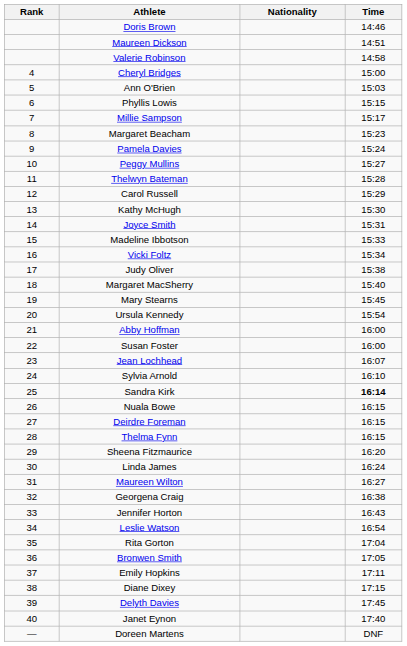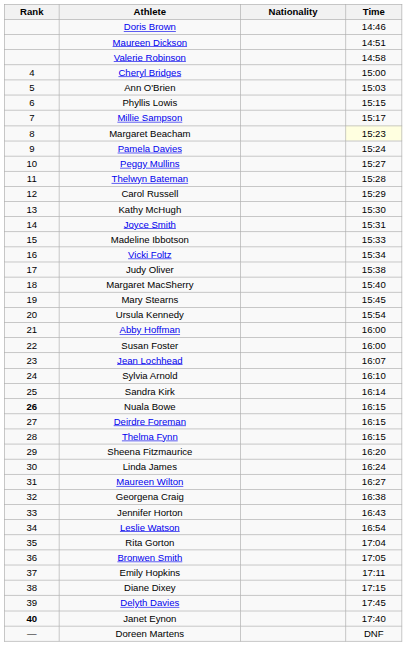 <table class="wikitable sortable" style=" text-align:center; font-size:95%;" width="50%">
 <tr>
 <th>Rank</th>
 <th>Athlete</th>
 <th>Nationality</th>
 <th>Time</th>
 </tr>
 <tr>
 <td align=center></td>
 <td><a href='#'>Doris Brown</a></td>
 <td></td>
 <td>14:46</td>
 </tr>
 <tr>
 <td align=center></td>
 <td><a href='#'>Maureen Dickson</a></td>
 <td></td>
 <td>14:51</td>
 </tr>
 <tr>
 <td align=center></td>
 <td><a href='#'>Valerie Robinson</a></td>
 <td></td>
 <td>14:58</td>
 </tr>
 <tr>
 <td align=center>4</td>
 <td><a href='#'>Cheryl Bridges</a></td>
 <td></td>
 <td>15:00</td>
 </tr>
 <tr>
 <td align=center>5</td>
 <td>Ann O'Brien</td>
 <td></td>
 <td>15:03</td>
 </tr>
 <tr>
 <td align=center>6</td>
 <td>Phyllis Lowis</td>
 <td></td>
 <td>15:15</td>
 </tr>
 <tr>
 <td align=center>7</td>
 <td><a href='#'>Millie Sampson</a></td>
 <td></td>
 <td>15:17</td>
 </tr>
 <tr>
 <td align=center>8</td>
 <td>Margaret Beacham</td>
 <td></td>
-<td>15:23</td>
+<td style="background: lightyellow;">15:23</td>
 </tr>
 <tr>
 <td align=center>9</td>
 <td><a href='#'>Pamela Davies</a></td>
 <td></td>
 <td>15:24</td>
 </tr>
 <tr>
 <td align=center>10</td>
 <td><a href='#'>Peggy Mullins</a></td>
 <td></td>
 <td>15:27</td>
 </tr>
 <tr>
 <td align=center>11</td>
 <td><a href='#'>Thelwyn Bateman</a></td>
 <td></td>
 <td>15:28</td>
 </tr>
 <tr>
 <td align=center>12</td>
 <td>Carol Russell</td>
 <td></td>
 <td>15:29</td>
 </tr>
 <tr>
 <td align=center>13</td>
 <td>Kathy McHugh</td>
 <td></td>
 <td>15:30</td>
 </tr>
 <tr>
 <td align=center>14</td>
 <td><a href='#'>Joyce Smith</a></td>
 <td></td>
 <td>15:31</td>
 </tr>
 <tr>
 <td align=center>15</td>
 <td>Madeline Ibbotson</td>
 <td></td>
 <td>15:33</td>
 </tr>
 <tr>
 <td align=center>16</td>
 <td><a href='#'>Vicki Foltz</a></td>
 <td></td>
 <td>15:34</td>
 </tr>
 <tr>
 <td align=center>17</td>
 <td>Judy Oliver</td>
 <td></td>
 <td>15:38</td>
 </tr>
 <tr>
 <td align=center>18</td>
 <td>Margaret MacSherry</td>
 <td></td>
 <td>15:40</td>
 </tr>
 <tr>
 <td align=center>19</td>
 <td>Mary Stearns</td>
 <td></td>
 <td>15:45</td>
 </tr>
 <tr>
 <td align=center>20</td>
 <td>Ursula Kennedy</td>
 <td></td>
 <td>15:54</td>
 </tr>
 <tr>
 <td align=center>21</td>
 <td><a href='#'>Abby Hoffman</a></td>
 <td></td>
 <td>16:00</td>
 </tr>
 <tr>
 <td align=center>22</td>
 <td>Susan Foster</td>
 <td></td>
 <td>16:00</td>
 </tr>
 <tr>
 <td align=center>23</td>
 <td><a href='#'>Jean Lochhead</a></td>
 <td></td>
 <td>16:07</td>
 </tr>
 <tr>
 <td align=center>24</td>
 <td>Sylvia Arnold</td>
 <td></td>
 <td>16:10</td>
 </tr>
 <tr>
 <td align=center>25</td>
 <td>Sandra Kirk</td>
 <td></td>
-<td><strong>16:14</strong></td>
+<td>16:14</td>
 </tr>
 <tr>
-<td align=center>26</td>
+<td align=center><strong>26</strong></td>
 <td>Nuala Bowe</td>
 <td></td>
 <td>16:15</td>
 </tr>
 <tr>
 <td align=center>27</td>
 <td><a href='#'>Deirdre Foreman</a></td>
 <td></td>
 <td>16:15</td>
 </tr>
 <tr>
 <td align=center>28</td>
 <td><a href='#'>Thelma Fynn</a></td>
 <td></td>
 <td>16:15</td>
 </tr>
 <tr>
 <td align=center>29</td>
 <td>Sheena Fitzmaurice</td>
 <td></td>
 <td>16:20</td>
 </tr>
 <tr>
 <td align=center>30</td>
 <td>Linda James</td>
 <td></td>
 <td>16:24</td>
 </tr>
 <tr>
 <td align=center>31</td>
 <td><a href='#'>Maureen Wilton</a></td>
 <td></td>
 <td>16:27</td>
 </tr>
 <tr>
 <td align=center>32</td>
 <td>Georgena Craig</td>
 <td></td>
 <td>16:38</td>
 </tr>
 <tr>
 <td align=center>33</td>
 <td>Jennifer Horton</td>
 <td></td>
 <td>16:43</td>
 </tr>
 <tr>
 <td align=center>34</td>
 <td><a href='#'>Leslie Watson</a></td>
 <td></td>
 <td>16:54</td>
 </tr>
 <tr>
 <td align=center>35</td>
 <td>Rita Gorton</td>
 <td></td>
 <td>17:04</td>
 </tr>
 <tr>
 <td align=center>36</td>
 <td><a href='#'>Bronwen Smith</a></td>
 <td></td>
 <td>17:05</td>
 </tr>
 <tr>
 <td align=center>37</td>
 <td>Emily Hopkins</td>
 <td></td>
 <td>17:11</td>
 </tr>
 <tr>
 <td align=center>38</td>
 <td>Diane Dixey</td>
 <td></td>
 <td>17:15</td>
 </tr>
 <tr>
 <td align=center>39</td>
 <td><a href='#'>Delyth Davies</a></td>
 <td></td>
 <td>17:45</td>
 </tr>
 <tr>
-<td align=center>40</td>
+<td align=center><strong>40</strong></td>
 <td>Janet Eynon</td>
 <td></td>
 <td>17:40</td>
 </tr>
 <tr>
 <td align=center>—</td>
 <td>Doreen Martens</td>
 <td></td>
 <td>DNF</td>
 </tr>
 </table>
